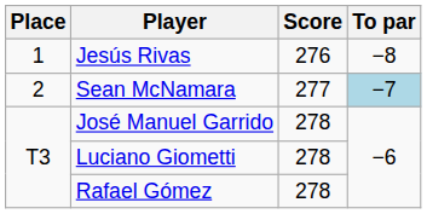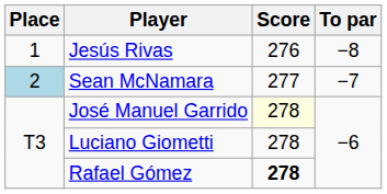 <table class="wikitable">
 <tr>
 <th>Place</th>
 <th>Player</th>
 <th>Score</th>
 <th>To par</th>
 </tr>
 <tr>
 <td align=center>1</td>
 <td> <a href='#'>Jesús Rivas</a></td>
 <td align=center>276</td>
 <td align=center>−8</td>
 </tr>
 <tr>
-<td align=center>2</td>
+<td align=center style="background: lightblue;">2</td>
 <td> <a href='#'>Sean McNamara</a></td>
 <td align=center>277</td>
-<td align=center style="background: lightblue;">−7</td>
+<td align=center>−7</td>
 </tr>
 <tr>
 <td rowspan=3 align=center>T3</td>
 <td> <a href='#'>José Manuel Garrido</a></td>
-<td align=center>278</td>
+<td align=center style="background: lightyellow;">278</td>
 <td rowspan=3 align=center>−6</td>
 </tr>
 <tr>
 <td> <a href='#'>Luciano Giometti</a></td>
 <td align=center>278</td>
 </tr>
 <tr>
 <td> <a href='#'>Rafael Gómez</a></td>
-<td align=center>278</td>
+<td align=center><strong>278</strong></td>
 </tr>
 </table>
